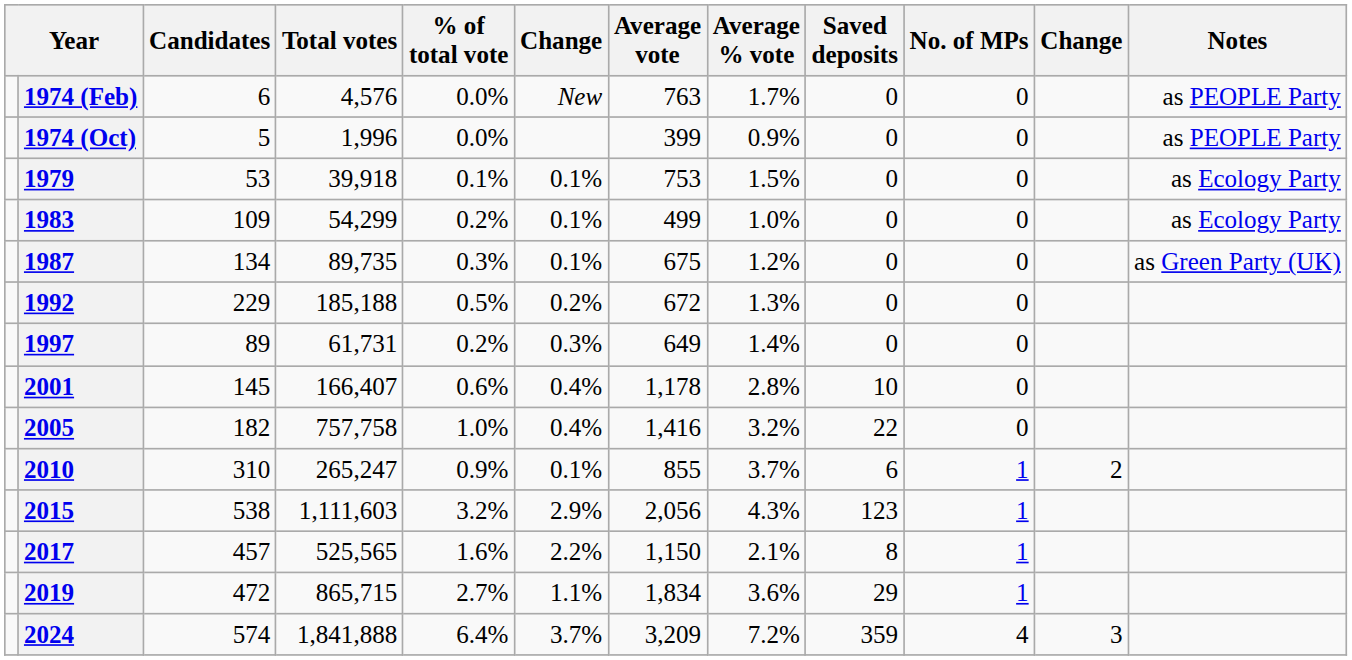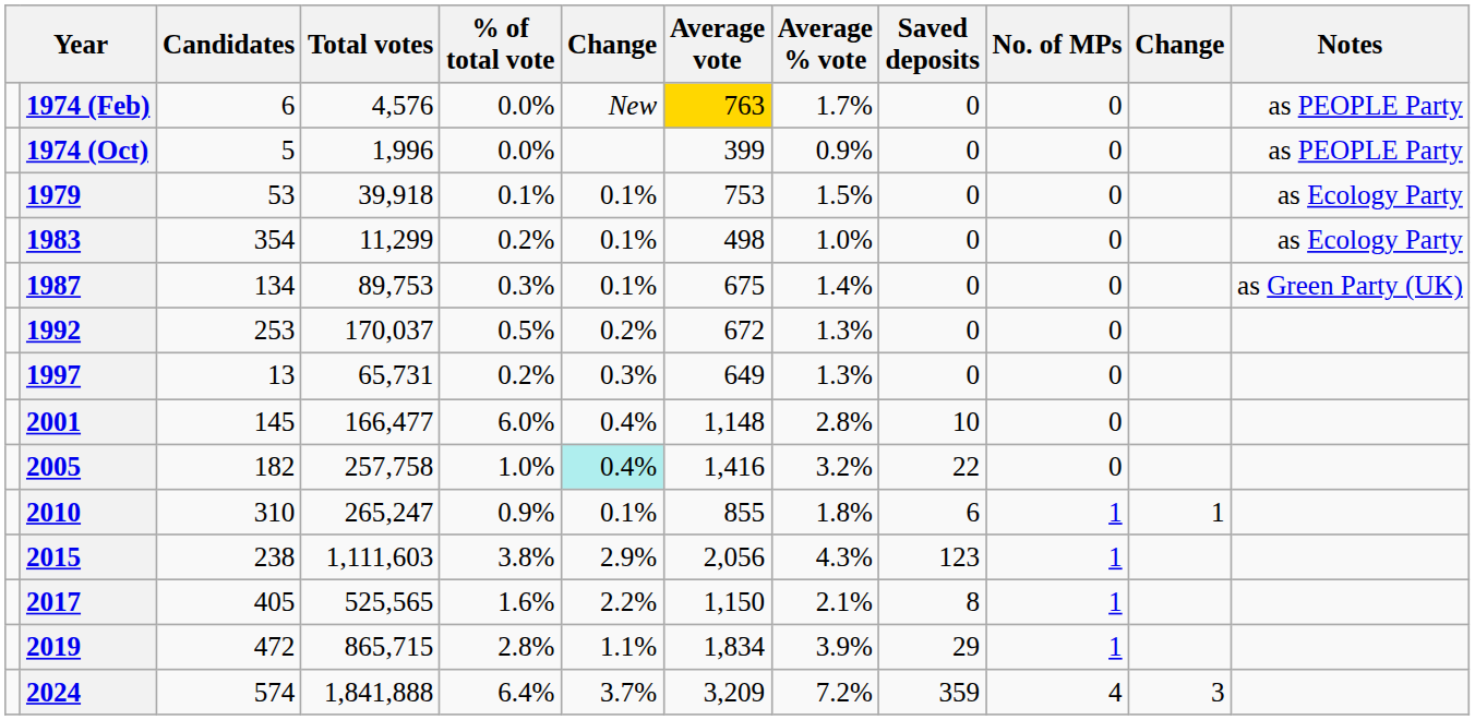 <table class="wikitable" style="text-align:right; font-size:95%;">
 <tr>
 <th colspan="2">Year</th>
 <th>Candidates</th>
 <th>Total votes</th>
 <th>% of<br>total vote</th>
 <th>Change</th>
 <th>Average<br>vote</th>
 <th>Average<br>% vote</th>
 <th>Saved<br>deposits</th>
 <th>No. of MPs</th>
 <th>Change</th>
 <th>Notes</th>
 </tr>
 <tr>
 <td width="1"></td>
 <th style="text-align:left;"><a href='#'>1974 (Feb)</a></th>
 <td>6</td>
 <td>4,576</td>
 <td>0.0%</td>
 <td><em>New</em></td>
-<td>763</td>
+<td style="background: gold;">763</td>
 <td>1.7%</td>
 <td>0</td>
 <td>0</td>
 <td></td>
 <td>as <a href='#'>PEOPLE Party</a></td>
 </tr>
 <tr>
 <td></td>
 <th style="text-align:left;"><a href='#'>1974 (Oct)</a></th>
 <td>5</td>
 <td>1,996</td>
 <td>0.0%</td>
 <td></td>
 <td>399</td>
 <td>0.9%</td>
 <td>0</td>
 <td>0</td>
 <td></td>
 <td>as <a href='#'>PEOPLE Party</a></td>
 </tr>
 <tr>
 <td></td>
 <th style="text-align:left;"><a href='#'>1979</a></th>
 <td>53</td>
 <td>39,918</td>
 <td>0.1%</td>
 <td>0.1%</td>
 <td>753</td>
 <td>1.5%</td>
 <td>0</td>
 <td>0</td>
 <td></td>
 <td>as <a href='#'>Ecology Party</a></td>
 </tr>
 <tr>
 <td></td>
 <th style="text-align:left;"><a href='#'>1983</a></th>
-<td>109</td>
-<td>54,299</td>
+<td>354</td>
+<td>11,299</td>
 <td>0.2%</td>
 <td>0.1%</td>
-<td>499</td>
+<td>498</td>
 <td>1.0%</td>
 <td>0</td>
 <td>0</td>
 <td></td>
 <td>as <a href='#'>Ecology Party</a></td>
 </tr>
 <tr>
 <td></td>
 <th style="text-align:left;"><a href='#'>1987</a></th>
 <td>134</td>
-<td>89,735</td>
+<td>89,753</td>
 <td>0.3%</td>
 <td>0.1%</td>
 <td>675</td>
-<td>1.2%</td>
+<td>1.4%</td>
 <td>0</td>
 <td>0</td>
 <td></td>
 <td>as <a href='#'>Green Party (UK)</a></td>
 </tr>
 <tr>
 <td></td>
 <th style="text-align:left;"><a href='#'>1992</a></th>
-<td>229</td>
-<td>185,188</td>
+<td>253</td>
+<td>170,037</td>
 <td>0.5%</td>
 <td>0.2%</td>
 <td>672</td>
 <td>1.3%</td>
 <td>0</td>
 <td>0</td>
 <td></td>
 <td></td>
 </tr>
 <tr>
 <td></td>
 <th style="text-align:left;"><a href='#'>1997</a></th>
-<td>89</td>
-<td>61,731</td>
+<td>13</td>
+<td>65,731</td>
 <td>0.2%</td>
 <td>0.3%</td>
 <td>649</td>
-<td>1.4%</td>
+<td>1.3%</td>
 <td>0</td>
 <td>0</td>
 <td></td>
 <td></td>
 </tr>
 <tr>
 <td></td>
 <th style="text-align:left;"><a href='#'>2001</a></th>
 <td>145</td>
-<td>166,407</td>
-<td>0.6%</td>
+<td>166,477</td>
+<td>6.0%</td>
 <td>0.4%</td>
-<td>1,178</td>
+<td>1,148</td>
 <td>2.8%</td>
 <td>10</td>
 <td>0</td>
 <td></td>
 <td></td>
 </tr>
 <tr>
 <td></td>
 <th style="text-align:left;"><a href='#'>2005</a></th>
 <td>182</td>
-<td>757,758</td>
+<td>257,758</td>
 <td>1.0%</td>
-<td>0.4%</td>
+<td style="background: paleturquoise;">0.4%</td>
 <td>1,416</td>
 <td>3.2%</td>
 <td>22</td>
 <td>0</td>
 <td></td>
 <td></td>
 </tr>
 <tr>
 <td></td>
 <th style="text-align:left;"><a href='#'>2010</a></th>
 <td>310</td>
 <td>265,247</td>
 <td>0.9%</td>
 <td>0.1%</td>
 <td>855</td>
-<td>3.7%</td>
+<td>1.8%</td>
 <td>6</td>
 <td><a href='#'>1</a></td>
-<td>2</td>
+<td>1</td>
 <td></td>
 </tr>
 <tr>
 <td></td>
 <th style="text-align:left;"><a href='#'>2015</a></th>
-<td>538</td>
+<td>238</td>
 <td>1,111,603</td>
-<td>3.2%</td>
+<td>3.8%</td>
 <td>2.9%</td>
 <td>2,056</td>
 <td>4.3%</td>
 <td>123</td>
 <td><a href='#'>1</a></td>
 <td></td>
 <td></td>
 </tr>
 <tr>
 <td></td>
 <th style="text-align:left;"><a href='#'>2017</a></th>
-<td>457</td>
+<td>405</td>
 <td>525,565</td>
 <td>1.6%</td>
 <td>2.2%</td>
 <td>1,150</td>
 <td>2.1%</td>
 <td>8</td>
 <td><a href='#'>1</a></td>
 <td></td>
 <td></td>
 </tr>
 <tr>
 <td></td>
 <th style="text-align:left;"><a href='#'>2019</a></th>
 <td>472</td>
 <td>865,715</td>
-<td>2.7%</td>
+<td>2.8%</td>
 <td>1.1%</td>
 <td>1,834</td>
-<td>3.6%</td>
+<td>3.9%</td>
 <td>29</td>
 <td><a href='#'>1</a></td>
 <td></td>
 <td></td>
 </tr>
 <tr>
 <td></td>
 <th style="text-align:left;"><a href='#'>2024</a></th>
 <td>574</td>
 <td>1,841,888</td>
 <td>6.4%</td>
 <td>3.7%</td>
 <td>3,209</td>
 <td>7.2%</td>
 <td>359</td>
 <td>4</td>
 <td>3</td>
 <td></td>
 </tr>
 </table>
